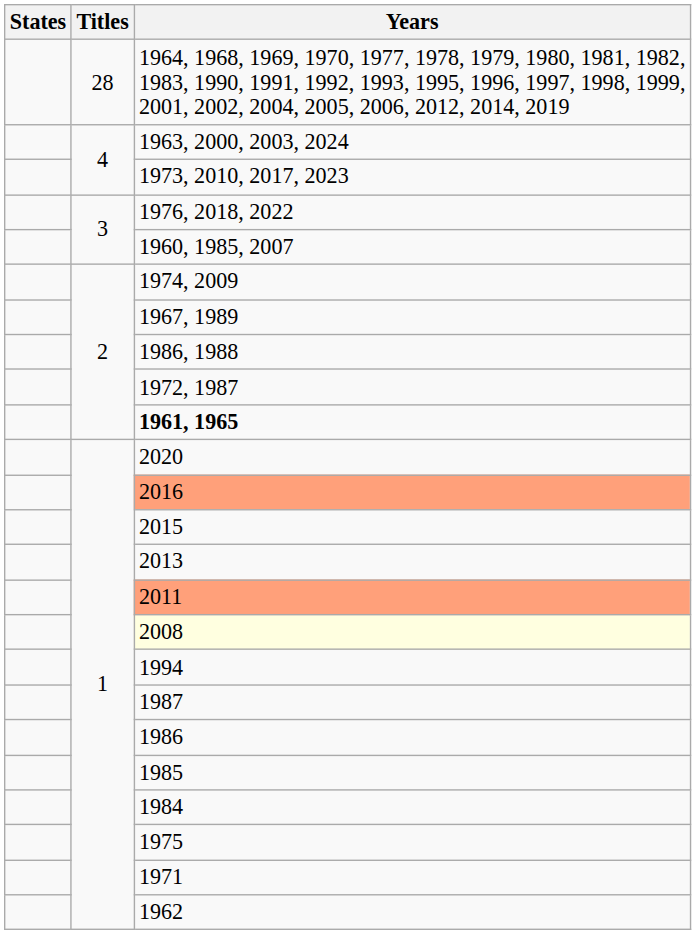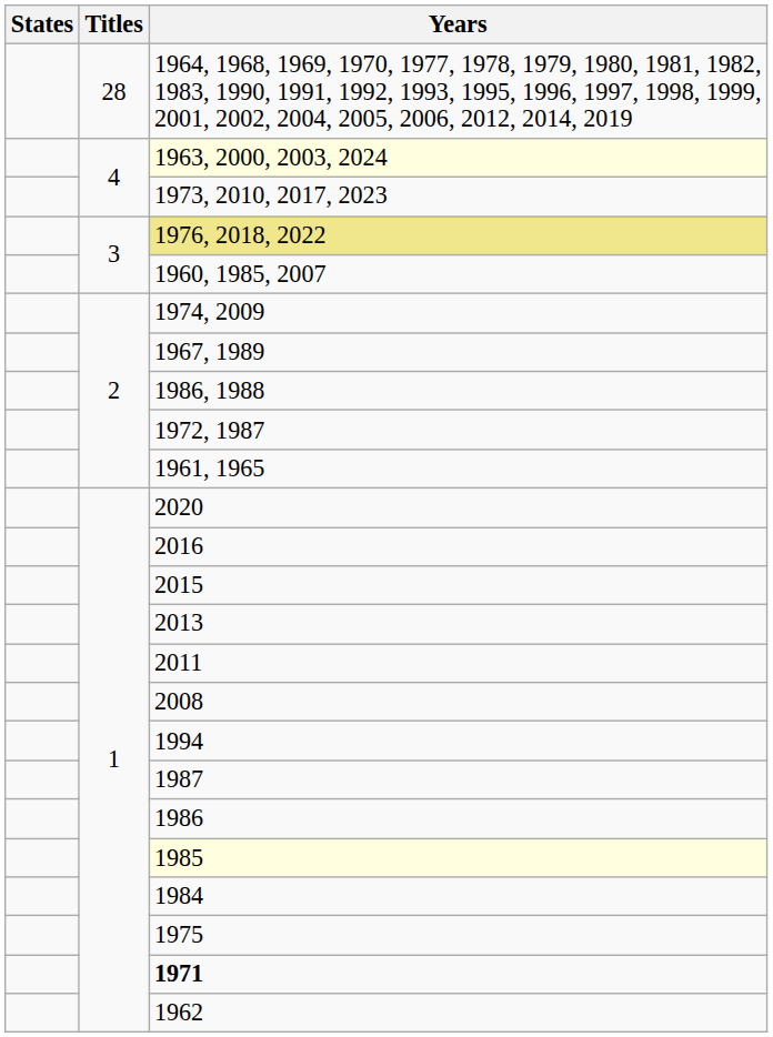 <table class="wikitable">
 <tr>
 <th>States</th>
 <th>Titles</th>
 <th>Years</th>
 </tr>
 <tr>
 <td></td>
 <td style="text-align:center;">28</td>
 <td>1964, 1968, 1969, 1970, 1977, 1978, 1979, 1980, 1981, 1982,<br> 1983, 1990, 1991, 1992, 1993, 1995, 1996, 1997, 1998, 1999,<br> 2001, 2002, 2004, 2005, 2006, 2012, 2014, 2019</td>
 </tr>
 <tr>
 <td></td>
 <td rowspan="2" style="text-align:center;">4</td>
-<td>1963, 2000, 2003, 2024</td>
+<td style="background: lightyellow;">1963, 2000, 2003, 2024</td>
 </tr>
 <tr>
 <td></td>
 <td>1973, 2010, 2017, 2023</td>
 </tr>
 <tr>
 <td></td>
 <td rowspan="2" style="text-align:center;">3</td>
-<td>1976, 2018, 2022</td>
+<td style="background: khaki;">1976, 2018, 2022</td>
 </tr>
 <tr>
 <td></td>
 <td>1960, 1985, 2007</td>
 </tr>
 <tr>
 <td></td>
 <td rowspan="5" style="text-align:center;">2</td>
 <td>1974, 2009</td>
 </tr>
 <tr>
 <td></td>
 <td>1967, 1989</td>
 </tr>
 <tr>
 <td></td>
 <td>1986, 1988</td>
 </tr>
 <tr>
 <td></td>
 <td>1972, 1987</td>
 </tr>
 <tr>
 <td></td>
-<td><strong>1961, 1965</strong></td>
+<td>1961, 1965</td>
 </tr>
 <tr>
 <td></td>
 <td rowspan="15" style="text-align:center;">1</td>
 <td>2020</td>
 </tr>
 <tr>
 <td></td>
-<td style="background: lightsalmon;">2016</td>
+<td>2016</td>
 </tr>
 <tr>
 <td></td>
 <td>2015</td>
 </tr>
 <tr>
 <td></td>
 <td>2013</td>
 </tr>
 <tr>
 <td></td>
-<td style="background: lightsalmon;">2011</td>
+<td>2011</td>
 </tr>
 <tr>
 <td></td>
-<td style="background: lightyellow;">2008</td>
+<td>2008</td>
 </tr>
 <tr>
 <td></td>
 <td>1994</td>
 </tr>
 <tr>
 <td></td>
 <td>1987</td>
 </tr>
 <tr>
 <td></td>
 <td>1986</td>
 </tr>
 <tr>
 <td></td>
-<td>1985</td>
+<td style="background: lightyellow;">1985</td>
 </tr>
 <tr>
 <td></td>
 <td>1984</td>
 </tr>
 <tr>
 <td></td>
 <td>1975</td>
 </tr>
 <tr>
 <td></td>
-<td>1971</td>
+<td><strong>1971</strong></td>
 </tr>
 <tr>
 <td></td>
 <td>1962</td>
 </tr>
 </table>
